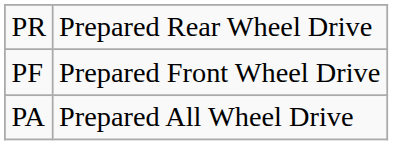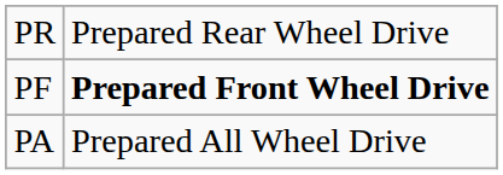 <table class="wikitable">
 <tr>
 <td>PR</td>
 <td>Prepared Rear Wheel Drive</td>
 </tr>
 <tr>
 <td>PF</td>
-<td>Prepared Front Wheel Drive</td>
+<td><strong>Prepared Front Wheel Drive</strong></td>
 </tr>
 <tr>
 <td>PA</td>
 <td>Prepared All Wheel Drive</td>
 </tr>
 </table>
